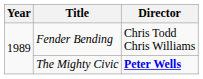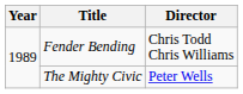 <table class="wikitable">
 <tr>
 <th>Year</th>
 <th>Title</th>
 <th>Director</th>
 </tr>
 <tr>
 <td rowspan=2>1989</td>
 <td><em>Fender Bending</em></td>
 <td>Chris Todd<br>Chris Williams</td>
 </tr>
 <tr>
 <td><em>The Mighty Civic</em></td>
-<td><strong><a href='#'>Peter Wells</a></strong></td>
+<td><a href='#'>Peter Wells</a></td>
 </tr>
 </table>
